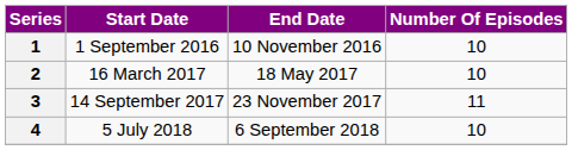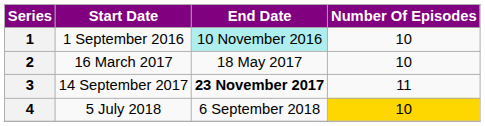 <table class="wikitable" style="text-align:center">
 <tr>
 <th scope="col" style="background:#800080; color:white;">Series</th>
 <th scope="col" style="background:#800080; color:white;">Start Date</th>
 <th scope="col" style="background:#800080; color:white;">End Date</th>
 <th scope="col" style="background:#800080; color:white;">Number Of Episodes</th>
 </tr>
 <tr>
 <th scope="row">1</th>
 <td>1 September 2016</td>
-<td>10 November 2016</td>
+<td style="background: paleturquoise;">10 November 2016</td>
 <td>10</td>
 </tr>
 <tr>
 <th scope="row">2</th>
 <td>16 March 2017</td>
 <td>18 May 2017</td>
 <td>10</td>
 </tr>
 <tr>
 <th scope="row">3</th>
 <td>14 September 2017</td>
-<td>23 November 2017</td>
+<td><strong>23 November 2017</strong></td>
 <td>11</td>
 </tr>
 <tr>
 <th scope="row">4</th>
 <td>5 July 2018</td>
 <td>6 September 2018</td>
-<td>10</td>
+<td style="background: gold;">10</td>
 </tr>
 <tr>
 </tr>
 </table>
